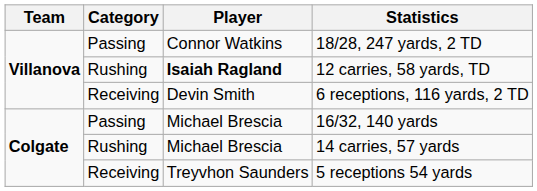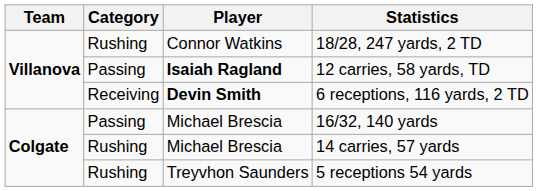 <table class="wikitable" style="float: right;">
 <tr>
 <th>Team</th>
 <th>Category</th>
 <th>Player</th>
 <th>Statistics</th>
 </tr>
 <tr>
 <td rowspan=3><strong>Villanova</strong></td>
-<td>Passing</td>
+<td>Rushing</td>
 <td>Connor Watkins</td>
 <td>18/28, 247 yards, 2 TD</td>
 </tr>
 <tr>
-<td>Rushing</td>
+<td>Passing</td>
 <td><strong>Isaiah Ragland</strong></td>
 <td>12 carries, 58 yards, TD</td>
 </tr>
 <tr>
 <td>Receiving</td>
-<td>Devin Smith</td>
+<td><strong>Devin Smith</strong></td>
 <td>6 receptions, 116 yards, 2 TD</td>
 </tr>
 <tr>
 <td rowspan=3><strong>Colgate</strong></td>
 <td>Passing</td>
 <td>Michael Brescia</td>
 <td>16/32, 140 yards</td>
 </tr>
 <tr>
 <td>Rushing</td>
 <td>Michael Brescia</td>
 <td>14 carries, 57 yards</td>
 </tr>
 <tr>
-<td>Receiving</td>
+<td>Rushing</td>
 <td>Treyvhon Saunders</td>
 <td>5 receptions 54 yards</td>
 </tr>
 </table>
